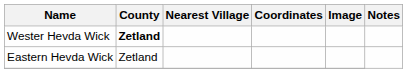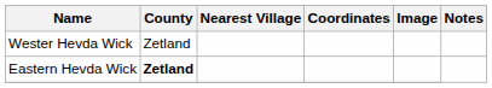 <table class="wikitable sortable" style="table-layout:fixed;background-color:#FEFEFE;font-size:95%;padding:0.30em;line-height:1.35em;">
 <tr>
 <th scope="col">Name</th>
 <th scope="col">County</th>
 <th scope="col">Nearest Village</th>
 <th scope="col" data-sort-type="number">Coordinates</th>
 <th scope="col">Image</th>
 <th scope="col">Notes</th>
 </tr>
 <tr>
 <td>Wester Hevda Wick</td>
-<td><strong>Zetland</strong></td>
+<td>Zetland</td>
 <td></td>
 <td></td>
 <td></td>
 <td></td>
 </tr>
 <tr>
 <td>Eastern Hevda Wick</td>
-<td>Zetland</td>
+<td><strong>Zetland</strong></td>
 <td></td>
 <td></td>
 <td></td>
 </tr>
 <tr>
 </tr>
 </table>
